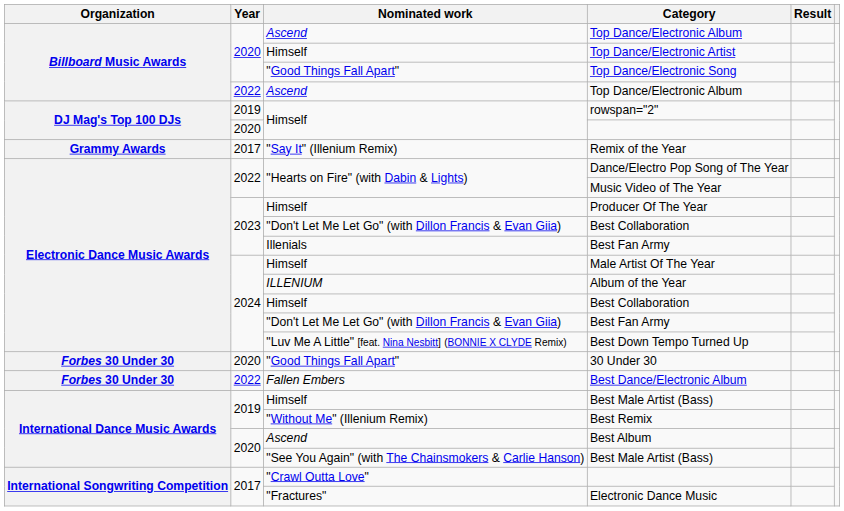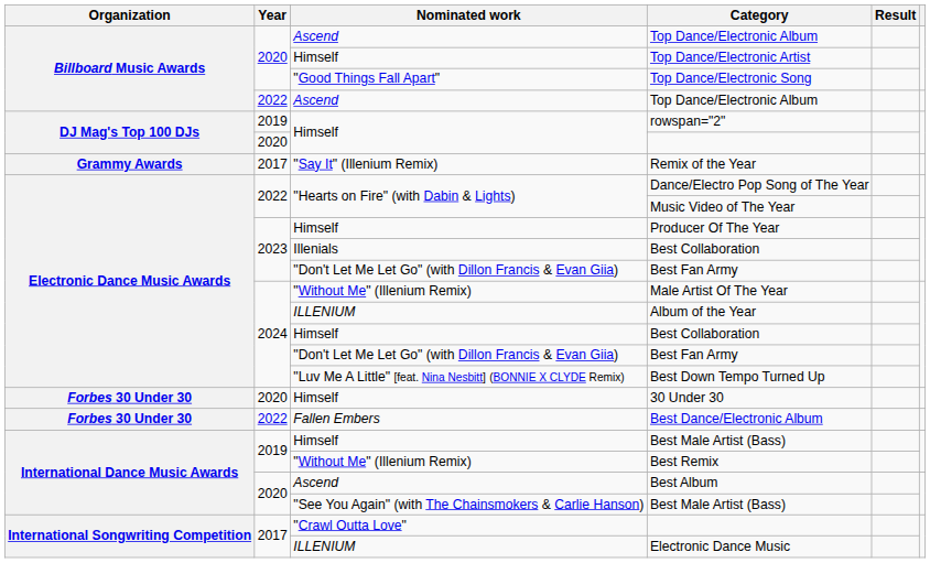 <table class="wikitable plainrowheaders sortable">
 <tr>
 <th scope="col">Organization</th>
 <th scope="col">Year</th>
 <th scope="col">Nominated work</th>
 <th scope="col">Category</th>
 <th scope="col">Result</th>
 <th scope="col" class="unsortable"></th>
 </tr>
 <tr>
 <th scope="row" rowspan="4"><a href='#'><em>Billboard</em> Music Awards</a></th>
 <td rowspan="3"><a href='#'>2020</a></td>
 <td><em><a href='#'>Ascend</a></em></td>
 <td><a href='#'>Top Dance/Electronic Album</a></td>
 <td></td>
 <td align="center" rowspan="3"></td>
 </tr>
 <tr>
 <td>Himself</td>
 <td><a href='#'>Top Dance/Electronic Artist</a></td>
 <td></td>
 </tr>
 <tr>
 <td>"<a href='#'>Good Things Fall Apart</a>"</td>
 <td><a href='#'>Top Dance/Electronic Song</a></td>
 <td></td>
 </tr>
 <tr>
 <td><a href='#'>2022</a></td>
 <td><em><a href='#'>Ascend</a></em></td>
 <td>Top Dance/Electronic Album</td>
 <td></td>
 <td align="center"></td>
 </tr>
 <tr>
 <th scope="row" rowspan="2"><a href='#'>DJ Mag's Top 100 DJs</a></th>
 <td>2019</td>
 <td rowspan="2">Himself</td>
 <td>rowspan="2" </td>
 <td></td>
 <td align="center" rowspan="2"></td>
 </tr>
 <tr>
 <td>2020</td>
 <td></td>
 </tr>
 <tr>
 <th scope="row"><a href='#'>Grammy Awards</a></th>
 <td>2017</td>
 <td>"<a href='#'>Say It</a>" (Illenium Remix)</td>
 <td>Remix of the Year</td>
 <td></td>
 <td></td>
 </tr>
 <tr>
 <th rowspan="10" scope="row"><a href='#'>Electronic Dance Music Awards</a></th>
 <td rowspan="2">2022</td>
 <td rowspan="2">"Hearts on Fire" (with <a href='#'>Dabin</a> & <a href='#'>Lights</a>)</td>
 <td>Dance/Electro Pop Song of The Year</td>
 <td></td>
 <td rowspan="2"></td>
 </tr>
 <tr>
 <td>Music Video of The Year</td>
 <td></td>
 </tr>
 <tr>
 <td rowspan="3">2023</td>
 <td>Himself</td>
 <td>Producer Of The Year</td>
 <td></td>
 <td rowspan="3"></td>
 </tr>
 <tr>
-<td>"Don't Let Me Let Go" (with <a href='#'>Dillon Francis</a> & <a href='#'>Evan Giia</a>)</td>
+<td>Illenials</td>
 <td>Best Collaboration</td>
 <td></td>
 </tr>
 <tr>
-<td>Illenials</td>
+<td>"Don't Let Me Let Go" (with <a href='#'>Dillon Francis</a> & <a href='#'>Evan Giia</a>)</td>
 <td>Best Fan Army</td>
 <td></td>
 </tr>
 <tr>
 <td rowspan="5">2024</td>
-<td>Himself</td>
+<td>"<a href='#'>Without Me</a>" (Illenium Remix)</td>
 <td>Male Artist Of The Year</td>
 <td></td>
 <td rowspan="5"></td>
 </tr>
 <tr>
 <td><em>ILLENIUM</em></td>
 <td>Album of the Year</td>
 <td></td>
 </tr>
 <tr>
 <td>Himself</td>
 <td>Best Collaboration</td>
 <td></td>
 </tr>
 <tr>
 <td>"Don't Let Me Let Go" (with <a href='#'>Dillon Francis</a> & <a href='#'>Evan Giia</a>)</td>
 <td>Best Fan Army</td>
 <td></td>
 </tr>
 <tr>
 <td>"Luv Me A Little" <small>[feat. <a href='#'>Nina Nesbitt</a>]</small> <small>(<a href='#'>BONNIE X CLYDE</a> Remix)</small></td>
 <td>Best Down Tempo Turned Up</td>
 <td></td>
 </tr>
 <tr>
 <th scope="row"><a href='#'><em>Forbes</em> 30 Under 30</a></th>
 <td>2020</td>
-<td>"<a href='#'>Good Things Fall Apart</a>"</td>
+<td>Himself</td>
 <td>30 Under 30</td>
 <td></td>
 <td align="center"></td>
 </tr>
 <tr>
 <th scope="row"><a href='#'><em>Forbes</em> 30 Under 30</a></th>
 <td><a href='#'>2022</a></td>
 <td><em>Fallen Embers</em></td>
 <td><a href='#'>Best Dance/Electronic Album</a></td>
 <td></td>
 <td align="center"></td>
 </tr>
 <tr>
 <th scope="row" rowspan="4"><a href='#'>International Dance Music Awards</a></th>
 <td rowspan="2">2019</td>
 <td>Himself</td>
 <td>Best Male Artist (Bass)</td>
 <td></td>
 <td align="center" rowspan="2"></td>
 </tr>
 <tr>
 <td>"<a href='#'>Without Me</a>" (Illenium Remix)</td>
 <td>Best Remix</td>
 <td></td>
 </tr>
 <tr>
 <td rowspan="2">2020</td>
 <td><em>Ascend</em></td>
 <td>Best Album</td>
 <td></td>
 <td align=center rowspan="2"></td>
 </tr>
 <tr>
 <td>"See You Again" (with <a href='#'>The Chainsmokers</a> & <a href='#'>Carlie Hanson</a>)</td>
 <td>Best Male Artist (Bass)</td>
 <td></td>
 </tr>
 <tr>
 <th scope="row" rowspan="2"><a href='#'>International Songwriting Competition</a></th>
 <td rowspan="2">2017</td>
 <td>"<a href='#'>Crawl Outta Love</a>"</td>
 <td></td>
 <td></td>
 <td align=center rowspan="2"></td>
 </tr>
 <tr>
-<td>"Fractures"</td>
+<td><em>ILLENIUM</em></td>
 <td>Electronic Dance Music</td>
 <td></td>
 </tr>
 </table>
